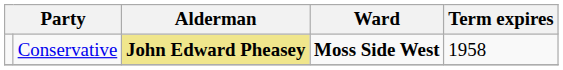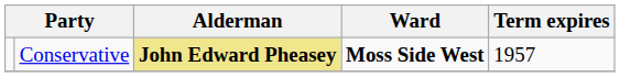 <table class="wikitable">
 <tr>
 <th colspan="2">Party</th>
 <th>Alderman</th>
 <th>Ward</th>
 <th>Term expires</th>
 </tr>
 <tr>
 <td style="background-color:"></td>
 <td><a href='#'>Conservative</a></td>
 <td style="background: khaki;"><strong>John Edward Pheasey</strong></td>
 <td><strong>Moss Side West</strong></td>
-<td>1958</td>
+<td>1957</td>
 </tr>
 <tr>
 </tr>
 </table>
